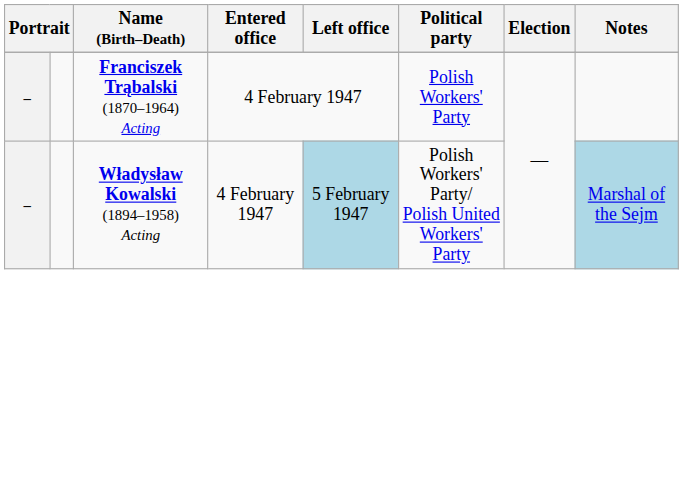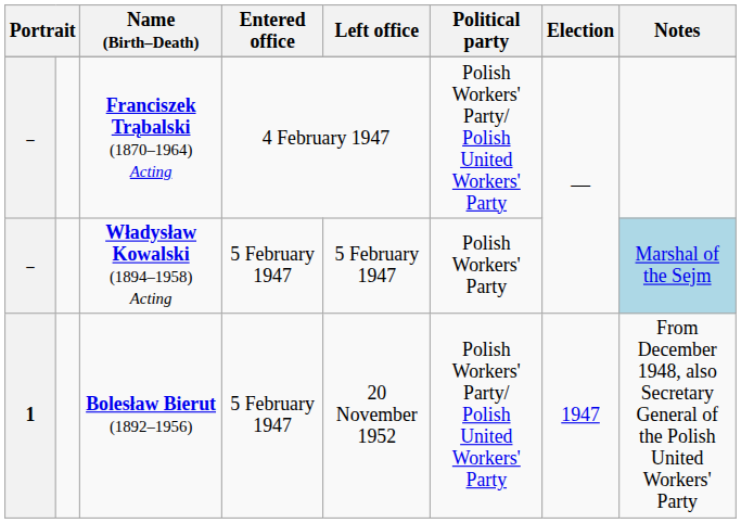 <table class="wikitable" style="text-align:center">
 <tr>
 <th colspan=2>Portrait</th>
 <th width=25%>Name<br><small>(Birth–Death)</small></th>
 <th width=17%>Entered office</th>
 <th width=17%>Left office</th>
 <th width=20%>Political party</th>
 <th>Election</th>
 <th width=20%>Notes</th>
 </tr>
 <tr>
 </tr>
 <tr>
 <th style="background:"><small>–</small></th>
 <td></td>
 <td><strong><a href='#'>Franciszek Trąbalski</a></strong><br><small>(1870–1964)</small><br><small><em><a href='#'>Acting</a></em></small></td>
 <td colspan=2>4 February 1947</td>
-<td><a href='#'>Polish Workers' Party</a></td>
+<td>Polish Workers' Party/<br><a href='#'>Polish United Workers' Party</a></td>
 <td rowspan=2>—</td>
 <td></td>
 </tr>
 <tr>
 <th style="background:"><small>–</small></th>
 <td></td>
 <td><strong><a href='#'>Władysław Kowalski</a></strong><br><small>(1894–1958)</small><br><small><em>Acting</em></small></td>
-<td>4 February 1947</td>
-<td style="background: lightblue;">5 February 1947</td>
-<td>Polish Workers' Party/<br><a href='#'>Polish United Workers' Party</a></td>
+<td>5 February 1947</td>
+<td>5 February 1947</td>
+<td>Polish Workers' Party</td>
 <td style="background: lightblue;"><a href='#'>Marshal of the Sejm</a></td>
 </tr>
+<tr>
+<th style="background:">1</th>
+<td></td>
+<td><strong><a href='#'>Bolesław Bierut</a></strong><br><small>(1892–1956)</small></td>
+<td>5 February 1947</td>
+<td>20 November 1952</td>
+<td>Polish Workers' Party/<br><a href='#'>Polish United Workers' Party</a></td>
+<td><a href='#'>1947</a></td>
+<td>From December 1948, also Secretary General of the Polish United Workers' Party</td>
+</tr>
 </table>
